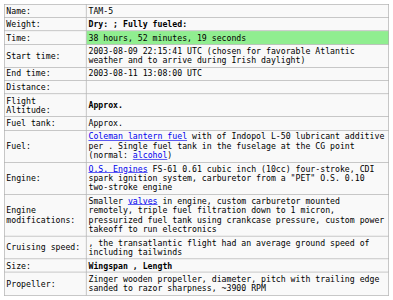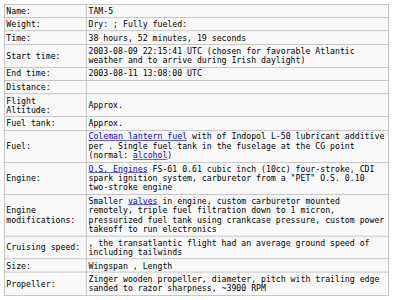 <table class="wikitable">
 <tr>
 <td>Name:</td>
 <td>TAM-5</td>
 </tr>
 <tr>
 <td>Weight:</td>
-<td><strong>Dry: ; Fully fueled: </strong></td>
+<td>Dry: ; Fully fueled: </td>
 </tr>
 <tr>
 <td>Time:</td>
-<td style="background: lightgreen;">38 hours, 52 minutes, 19 seconds</td>
+<td>38 hours, 52 minutes, 19 seconds</td>
 </tr>
 <tr>
 <td>Start time:</td>
 <td>2003-08-09 22:15:41 UTC (chosen for favorable Atlantic weather and to arrive during Irish daylight)</td>
 </tr>
 <tr>
 <td>End time:</td>
 <td>2003-08-11 13:08:00 UTC</td>
 </tr>
 <tr>
 <td>Distance:</td>
 <td></td>
 </tr>
 <tr>
 <td>Flight Altitude:</td>
-<td><strong>Approx. </strong></td>
+<td>Approx. </td>
 </tr>
 <tr>
 <td>Fuel tank:</td>
 <td>Approx. </td>
 </tr>
 <tr>
 <td>Fuel:</td>
 <td><a href='#'>Coleman lantern fuel</a> with  of Indopol L-50 lubricant additive per . Single fuel tank in the fuselage at the CG point  (normal: <a href='#'>alcohol</a>)</td>
 </tr>
 <tr>
 <td>Engine:</td>
 <td><a href='#'>O.S. Engines</a> FS-61 0.61 cubic inch (10cc) four-stroke,  CDI spark ignition system, carburetor from a "PET" O.S. 0.10 two-stroke engine</td>
 </tr>
 <tr>
 <td>Engine modifications:</td>
 <td>Smaller <a href='#'>valves</a> in engine, custom carburetor mounted remotely, triple fuel filtration down to 1 micron, pressurized fuel tank using crankcase pressure, custom power takeoff to run electronics</td>
 </tr>
 <tr>
 <td>Cruising speed:</td>
 <td>, the transatlantic flight had an average ground speed of   including tailwinds</td>
 </tr>
 <tr>
 <td>Size:</td>
-<td><strong>Wingspan , Length </strong></td>
+<td>Wingspan , Length </td>
 </tr>
 <tr>
 <td>Propeller:</td>
 <td>Zinger wooden propeller,  diameter,  pitch with trailing edge sanded to razor sharpness, ~3900 RPM</td>
 </tr>
 </table>
